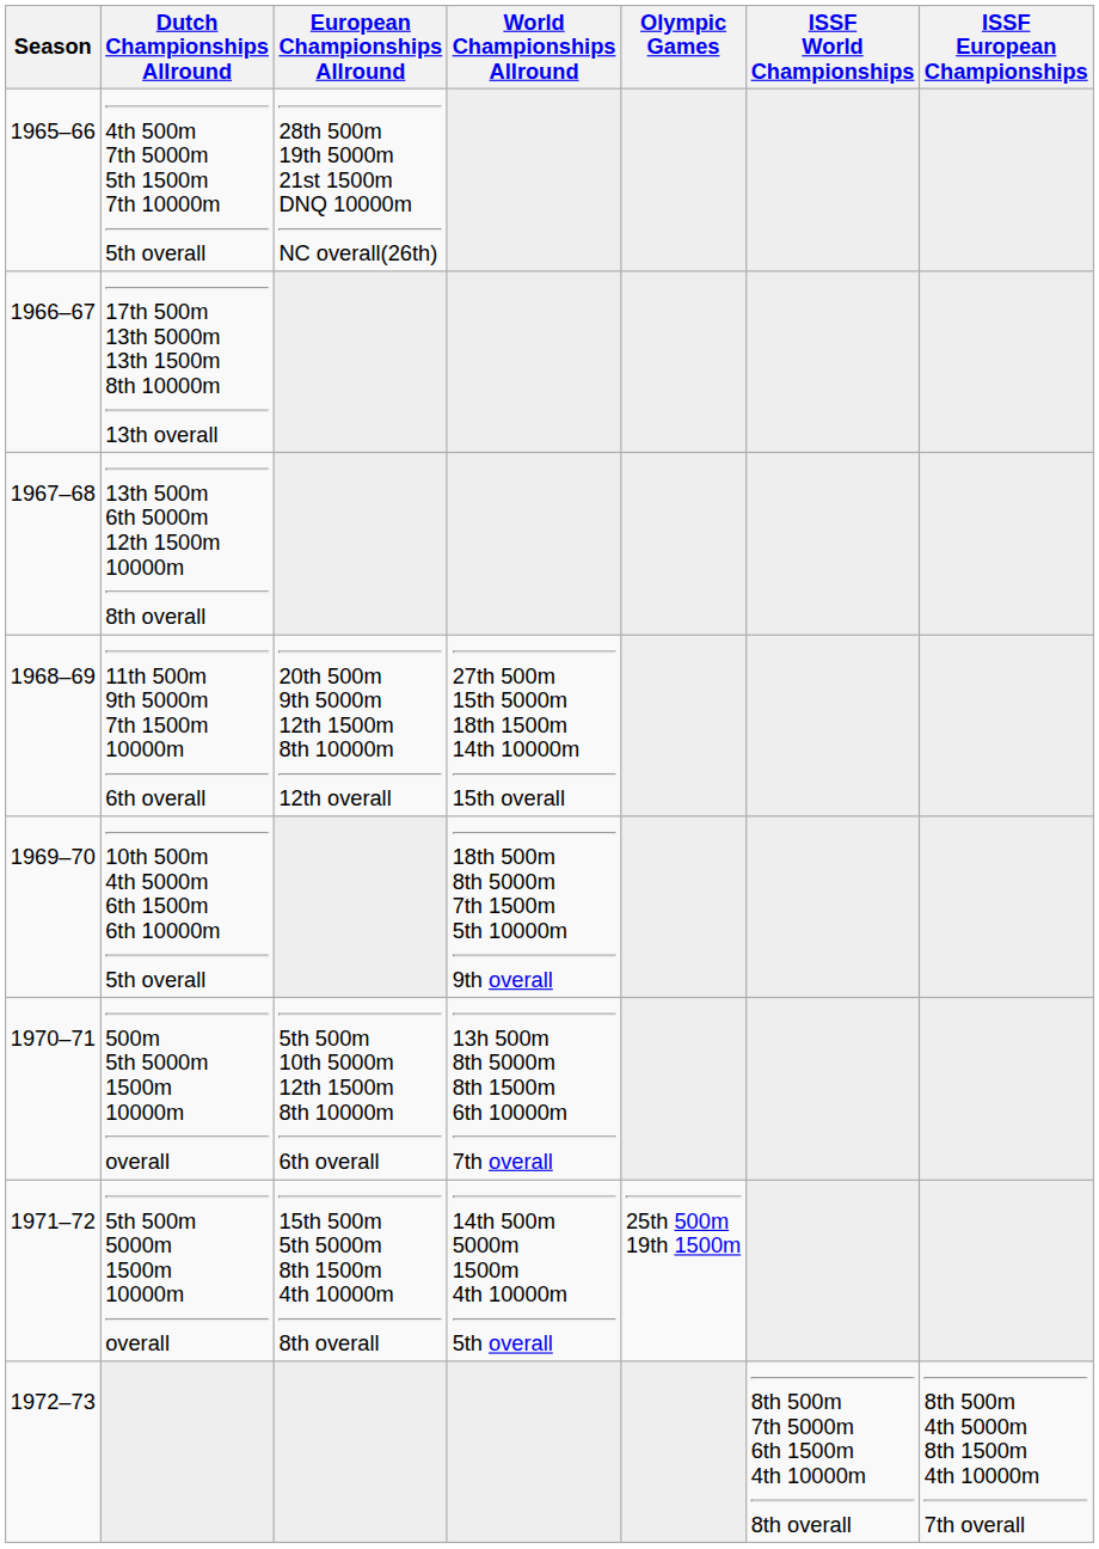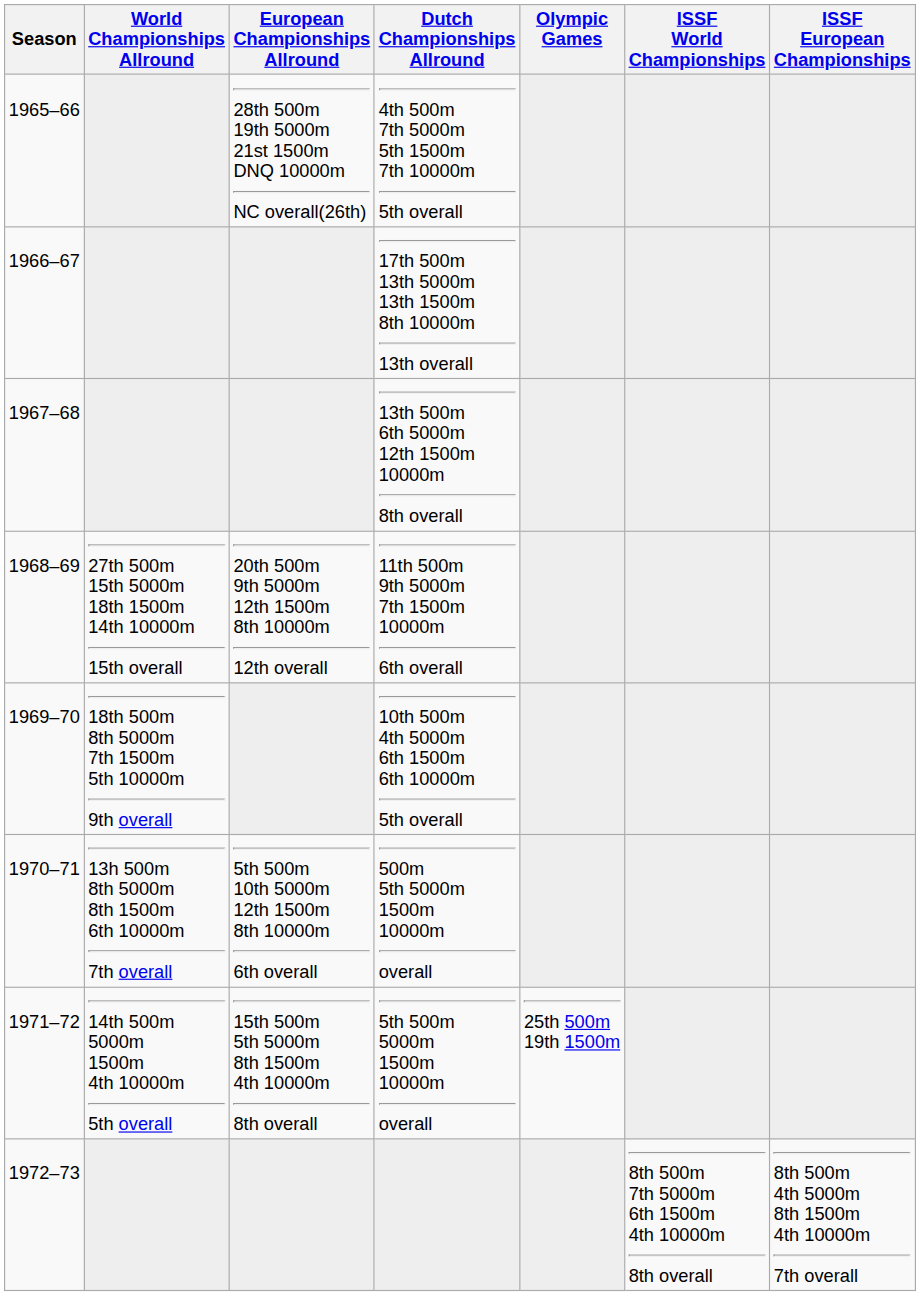 <table class="wikitable">
 <tr style="vertical-align: top;">
 <th><br> Season</th>
+<th><a href='#'>World <br> Championships <br> Allround</a></th>
+<th><a href='#'>European <br> Championships <br> Allround</a></th>
 <th><a href='#'>Dutch <br> Championships <br> Allround</a></th>
-<th><a href='#'>European <br> Championships <br> Allround</a></th>
-<th><a href='#'>World <br> Championships <br> Allround</a></th>
 <th><a href='#'>Olympic <br> Games</a></th>
 <th><a href='#'>ISSF <br> World <br> Championships</a></th>
 <th><a href='#'>ISSF <br> European <br> Championships</a></th>
 </tr>
 <tr style="vertical-align: top;">
 <td><br> 1965–66</td>
+<td bgcolor=#EEEEEE></td>
+<td> <hr> 28th 500m <br> 19th 5000m <br> 21st 1500m <br> DNQ 10000m <hr> NC overall(26th)</td>
 <td> <hr> 4th 500m <br> 7th 5000m <br> 5th 1500m <br> 7th 10000m <hr> 5th overall</td>
-<td> <hr> 28th 500m <br> 19th 5000m <br> 21st 1500m <br> DNQ 10000m <hr> NC overall(26th)</td>
-<td bgcolor=#EEEEEE></td>
 <td bgcolor=#EEEEEE></td>
 <td bgcolor=#EEEEEE></td>
 <td bgcolor=#EEEEEE></td>
 </tr>
 <tr style="vertical-align: top;">
 <td><br> 1966–67</td>
-<td> <hr> 17th 500m <br> 13th 5000m <br> 13th 1500m <br> 8th 10000m <hr> 13th overall</td>
 <td bgcolor=#EEEEEE></td>
 <td bgcolor=#EEEEEE></td>
+<td> <hr> 17th 500m <br> 13th 5000m <br> 13th 1500m <br> 8th 10000m <hr> 13th overall</td>
 <td bgcolor=#EEEEEE></td>
 <td bgcolor=#EEEEEE></td>
 <td bgcolor=#EEEEEE></td>
 </tr>
 <tr style="vertical-align: top;">
 <td><br> 1967–68</td>
-<td> <hr> 13th 500m <br> 6th 5000m <br> 12th 1500m <br>  10000m <hr> 8th overall</td>
 <td bgcolor=#EEEEEE></td>
 <td bgcolor=#EEEEEE></td>
+<td> <hr> 13th 500m <br> 6th 5000m <br> 12th 1500m <br>  10000m <hr> 8th overall</td>
 <td bgcolor=#EEEEEE></td>
 <td bgcolor=#EEEEEE></td>
 <td bgcolor=#EEEEEE></td>
 </tr>
 <tr style="vertical-align: top;">
 <td><br> 1968–69</td>
+<td> <hr> 27th 500m <br> 15th 5000m <br> 18th 1500m <br> 14th 10000m <hr> 15th overall</td>
+<td> <hr> 20th 500m <br> 9th 5000m <br> 12th 1500m <br> 8th 10000m <hr> 12th overall</td>
 <td> <hr> 11th 500m <br> 9th 5000m <br> 7th 1500m <br>  10000m <hr> 6th overall</td>
-<td> <hr> 20th 500m <br> 9th 5000m <br> 12th 1500m <br> 8th 10000m <hr> 12th overall</td>
-<td> <hr> 27th 500m <br> 15th 5000m <br> 18th 1500m <br> 14th 10000m <hr> 15th overall</td>
 <td bgcolor=#EEEEEE></td>
 <td bgcolor=#EEEEEE></td>
 <td bgcolor=#EEEEEE></td>
 </tr>
 <tr style="vertical-align: top;">
 <td><br> 1969–70</td>
+<td> <hr> 18th 500m <br> 8th 5000m <br> 7th 1500m <br> 5th 10000m <hr> 9th <a href='#'>overall</a></td>
+<td bgcolor=#EEEEEE></td>
 <td> <hr> 10th 500m <br> 4th 5000m <br> 6th 1500m <br> 6th 10000m <hr> 5th overall</td>
-<td bgcolor=#EEEEEE></td>
-<td> <hr> 18th 500m <br> 8th 5000m <br> 7th 1500m <br> 5th 10000m <hr> 9th <a href='#'>overall</a></td>
 <td bgcolor=#EEEEEE></td>
 <td bgcolor=#EEEEEE></td>
 <td bgcolor=#EEEEEE></td>
 </tr>
 <tr style="vertical-align: top;">
 <td><br> 1970–71</td>
+<td> <hr> 13h 500m <br> 8th 5000m <br> 8th 1500m <br> 6th 10000m <hr> 7th <a href='#'>overall</a></td>
+<td> <hr> 5th 500m <br> 10th 5000m <br> 12th 1500m <br> 8th 10000m <hr> 6th overall</td>
 <td> <hr>  500m <br> 5th 5000m <br>  1500m <br>  10000m <hr>  overall</td>
-<td> <hr> 5th 500m <br> 10th 5000m <br> 12th 1500m <br> 8th 10000m <hr> 6th overall</td>
-<td> <hr> 13h 500m <br> 8th 5000m <br> 8th 1500m <br> 6th 10000m <hr> 7th <a href='#'>overall</a></td>
 <td bgcolor=#EEEEEE></td>
 <td bgcolor=#EEEEEE></td>
 <td bgcolor=#EEEEEE></td>
 </tr>
 <tr style="vertical-align: top;">
 <td><br> 1971–72</td>
+<td> <hr> 14th 500m <br>  5000m <br>  1500m <br> 4th 10000m <hr> 5th <a href='#'>overall</a></td>
+<td> <hr> 15th 500m <br> 5th 5000m <br> 8th 1500m <br> 4th 10000m <hr> 8th overall</td>
 <td> <hr> 5th 500m <br>  5000m <br>  1500m <br>  10000m <hr>  overall</td>
-<td> <hr> 15th 500m <br> 5th 5000m <br> 8th 1500m <br> 4th 10000m <hr> 8th overall</td>
-<td> <hr> 14th 500m <br>  5000m <br>  1500m <br> 4th 10000m <hr> 5th <a href='#'>overall</a></td>
 <td> <hr> 25th <a href='#'>500m</a> <br> 19th <a href='#'>1500m</a></td>
 <td bgcolor=#EEEEEE></td>
 <td bgcolor=#EEEEEE></td>
 </tr>
 <tr style="vertical-align: top;">
 <td><br> 1972–73</td>
 <td bgcolor=#EEEEEE></td>
 <td bgcolor=#EEEEEE></td>
 <td bgcolor=#EEEEEE></td>
 <td bgcolor=#EEEEEE></td>
 <td> <hr> 8th 500m <br> 7th 5000m <br> 6th 1500m <br> 4th 10000m <hr> 8th overall</td>
 <td> <hr> 8th 500m <br> 4th 5000m <br> 8th 1500m <br> 4th 10000m <hr> 7th overall</td>
 </tr>
 </table>
